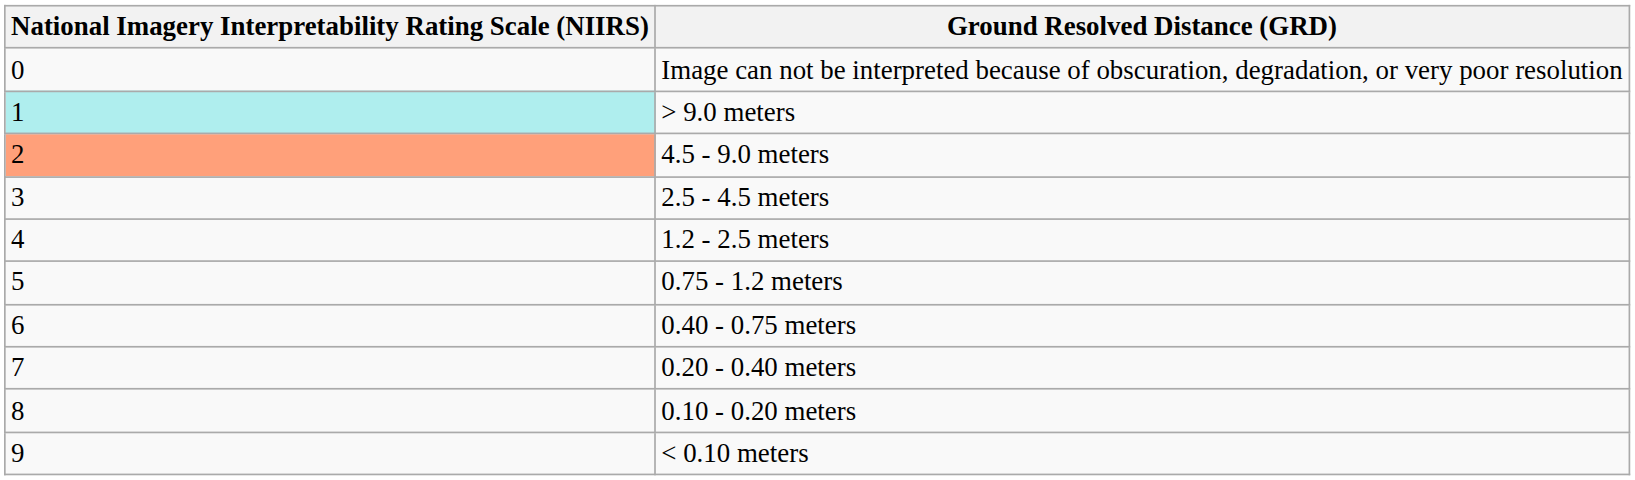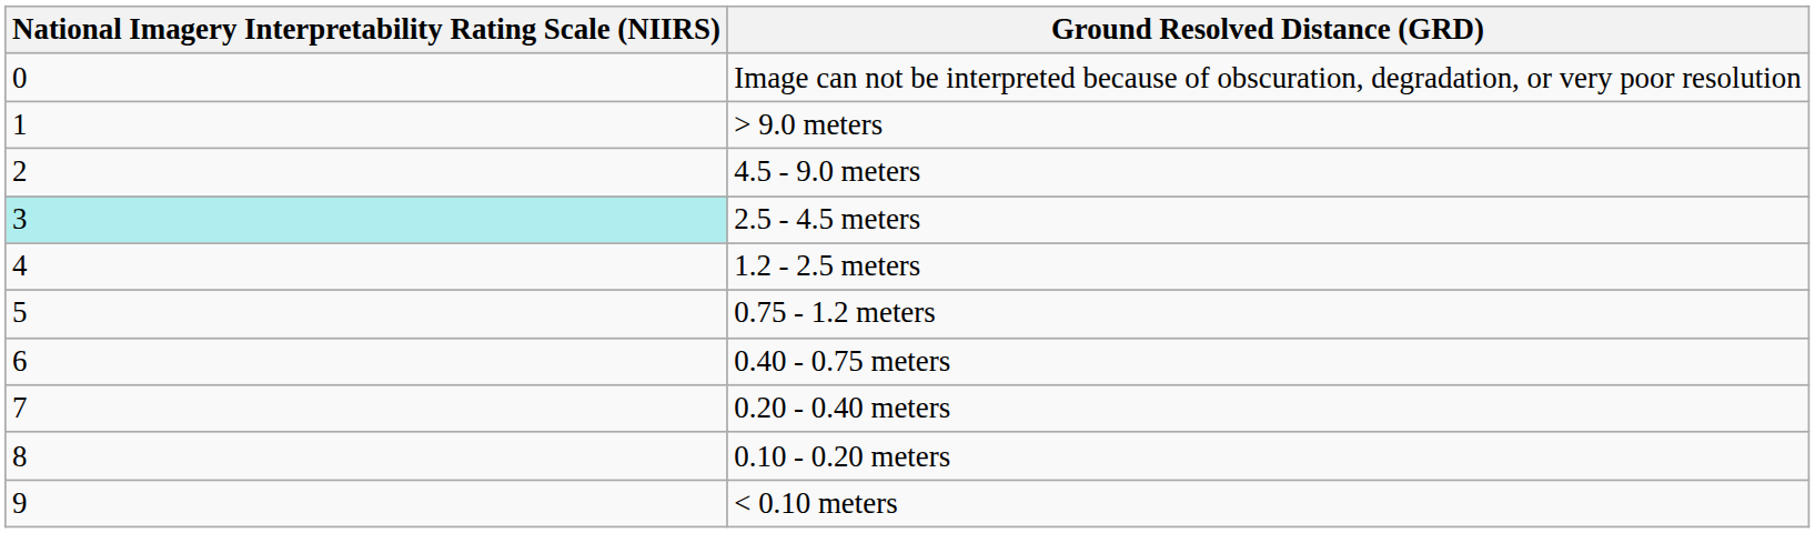 <table class="wikitable" style="float: left; margin-right: 1em">
 <tr>
 <th>National Imagery Interpretability Rating Scale (NIIRS)</th>
 <th>Ground Resolved Distance (GRD)</th>
 </tr>
 <tr>
 <td>0</td>
 <td>Image can not be interpreted because of obscuration, degradation, or very poor resolution</td>
 </tr>
 <tr>
-<td style="background: paleturquoise;">1</td>
+<td>1</td>
 <td>> 9.0 meters</td>
 </tr>
 <tr>
-<td style="background: lightsalmon;">2</td>
+<td>2</td>
 <td>4.5 - 9.0 meters</td>
 </tr>
 <tr>
-<td>3</td>
+<td style="background: paleturquoise;">3</td>
 <td>2.5 - 4.5 meters</td>
 </tr>
 <tr>
 <td>4</td>
 <td>1.2 - 2.5 meters</td>
 </tr>
 <tr>
 <td>5</td>
 <td>0.75 - 1.2 meters</td>
 </tr>
 <tr>
 <td>6</td>
 <td>0.40 - 0.75 meters</td>
 </tr>
 <tr>
 <td>7</td>
 <td>0.20 - 0.40 meters</td>
 </tr>
 <tr>
 <td>8</td>
 <td>0.10 - 0.20 meters</td>
 </tr>
 <tr>
 <td>9</td>
 <td>< 0.10 meters</td>
 </tr>
 </table>
